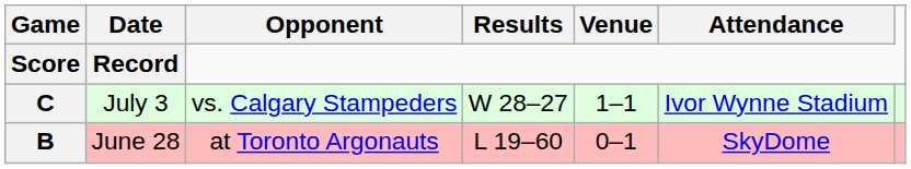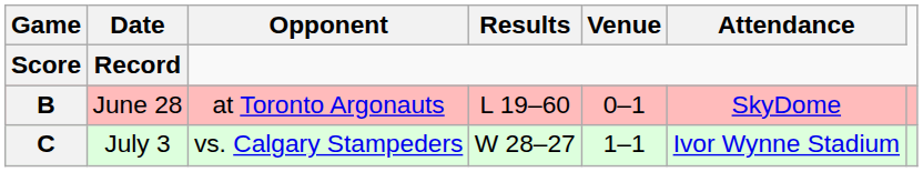 <table class="wikitable" style="text-align:center">
 <tr>
 <th>Game</th>
 <th>Date</th>
 <th>Opponent</th>
 <th>Results</th>
 <th>Venue</th>
 <th>Attendance</th>
 </tr>
 <tr>
 <th>Score</th>
 <th>Record</th>
 </tr>
+<tr style="background:#ffbbbb">
+<th>B</th>
+<td>June 28</td>
+<td>at <a href='#'>Toronto Argonauts</a></td>
+<td>L 19–60</td>
+<td>0–1</td>
+<td><a href='#'>SkyDome</a></td>
+<td></td>
+</tr>
 <tr style="background:#ddffdd">
 <th>C</th>
 <td>July 3</td>
 <td>vs. <a href='#'>Calgary Stampeders</a></td>
 <td>W 28–27</td>
 <td>1–1</td>
 <td><a href='#'>Ivor Wynne Stadium</a></td>
 <td></td>
 </tr>
-<tr style="background:#ffbbbb">
-<th>B</th>
-<td>June 28</td>
-<td>at <a href='#'>Toronto Argonauts</a></td>
-<td>L 19–60</td>
-<td>0–1</td>
-<td><a href='#'>SkyDome</a></td>
-<td></td>
-</tr>
 </table>
